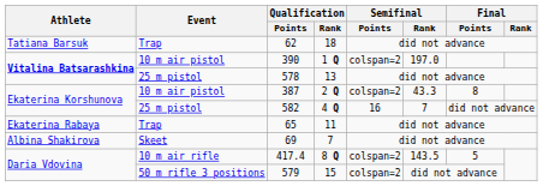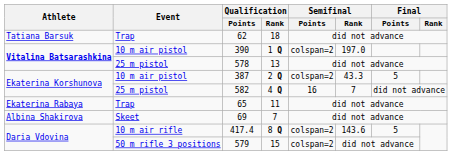 <table class="wikitable" style="font-size:90%">
 <tr>
 <th rowspan="2">Athlete</th>
 <th rowspan="2">Event</th>
 <th colspan=2>Qualification</th>
 <th colspan=2>Semifinal</th>
 <th colspan=2>Final</th>
 </tr>
 <tr style="font-size:95%">
 <th>Points</th>
 <th>Rank</th>
 <th>Points</th>
 <th>Rank</th>
 <th>Points</th>
 <th>Rank</th>
 </tr>
 <tr align=center>
 <td align=left><a href='#'>Tatiana Barsuk</a></td>
 <td align=left><a href='#'>Trap</a></td>
 <td>62</td>
 <td>18</td>
 <td colspan=4>did not advance</td>
 </tr>
 <tr align=center>
 <td align=left rowspan=2><strong><a href='#'>Vitalina Batsarashkina</a></strong></td>
 <td align=left><a href='#'>10 m air pistol</a></td>
 <td>390</td>
 <td>1 <strong>Q</strong></td>
 <td>colspan=2 </td>
 <td>197.0</td>
 <td></td>
 </tr>
 <tr align=center>
 <td align=left><a href='#'>25 m pistol</a></td>
 <td>578</td>
 <td>13</td>
 <td colspan=4>did not advance</td>
 </tr>
 <tr align=center>
 <td align=left rowspan=2><a href='#'>Ekaterina Korshunova</a></td>
 <td align=left><a href='#'>10 m air pistol</a></td>
 <td>387</td>
 <td>2 <strong>Q</strong></td>
 <td>colspan=2 </td>
 <td>43.3</td>
-<td>8</td>
+<td>5</td>
 </tr>
 <tr align=center>
 <td align=left><a href='#'>25 m pistol</a></td>
 <td>582</td>
 <td>4 <strong>Q</strong></td>
 <td>16</td>
 <td>7</td>
 <td colspan=2>did not advance</td>
 </tr>
 <tr align=center>
 <td align=left><a href='#'>Ekaterina Rabaya</a></td>
 <td align=left><a href='#'>Trap</a></td>
 <td>65</td>
 <td>11</td>
 <td colspan=4>did not advance</td>
 </tr>
 <tr align=center>
 <td align=left><a href='#'>Albina Shakirova</a></td>
 <td align=left><a href='#'>Skeet</a></td>
 <td>69</td>
 <td>7</td>
 <td colspan=4>did not advance</td>
 </tr>
 <tr align=center>
 <td align=left rowspan=2><a href='#'>Daria Vdovina</a></td>
 <td align=left><a href='#'>10 m air rifle</a></td>
 <td>417.4</td>
 <td>8 <strong>Q</strong></td>
 <td>colspan=2 </td>
-<td>143.5</td>
+<td>143.6</td>
 <td>5</td>
 </tr>
 <tr align=center>
 <td align=left><a href='#'>50 m rifle 3 positions</a></td>
 <td>579</td>
 <td>15</td>
 <td>colspan=2 </td>
 <td colspan=2>did not advance</td>
 </tr>
 </table>
